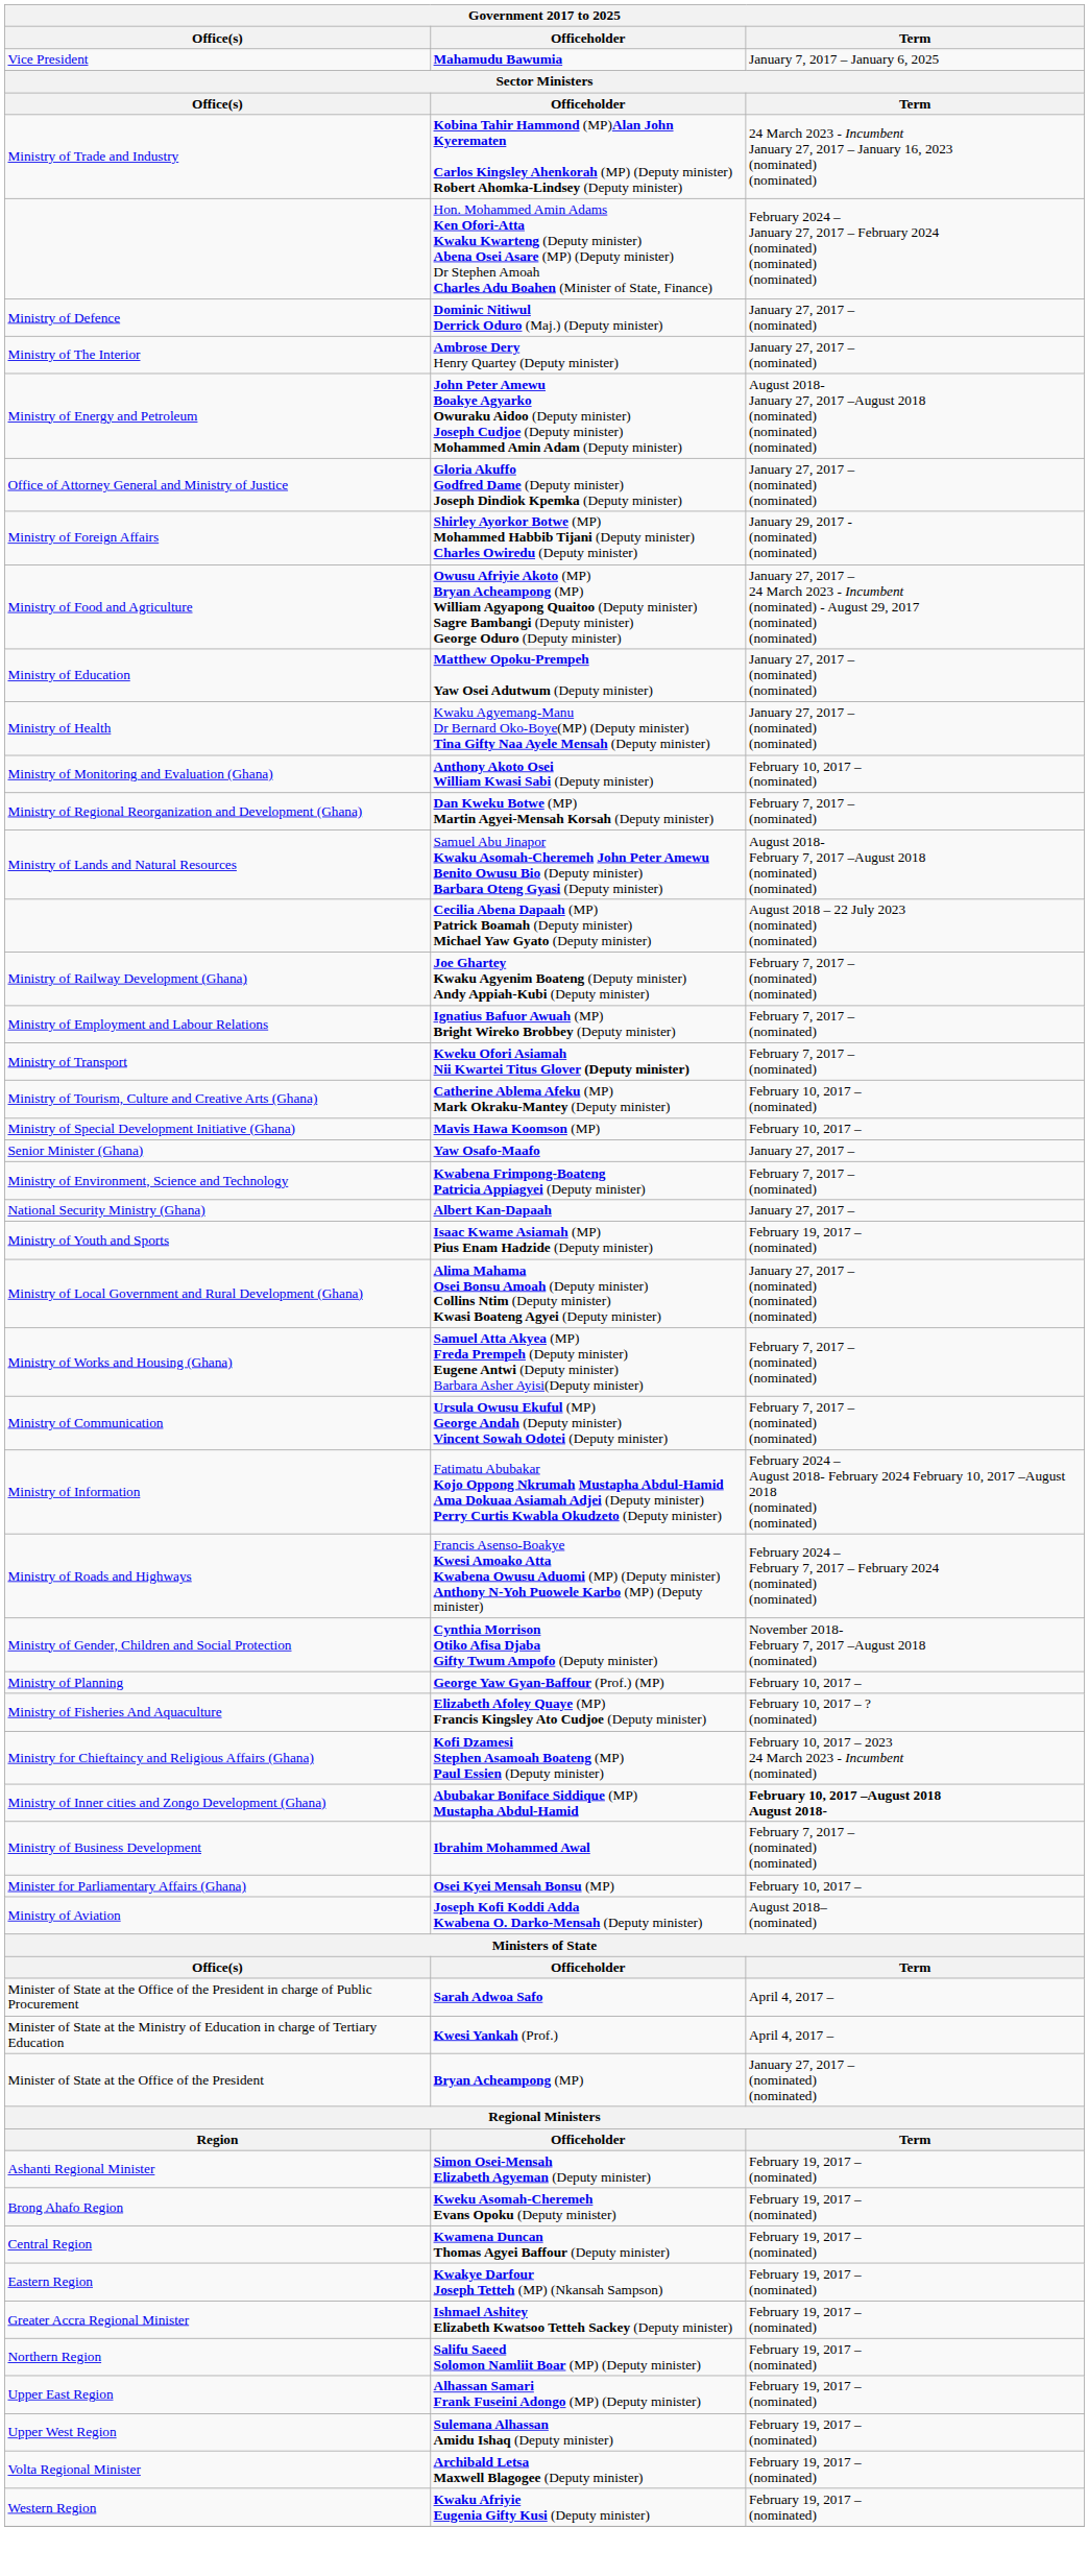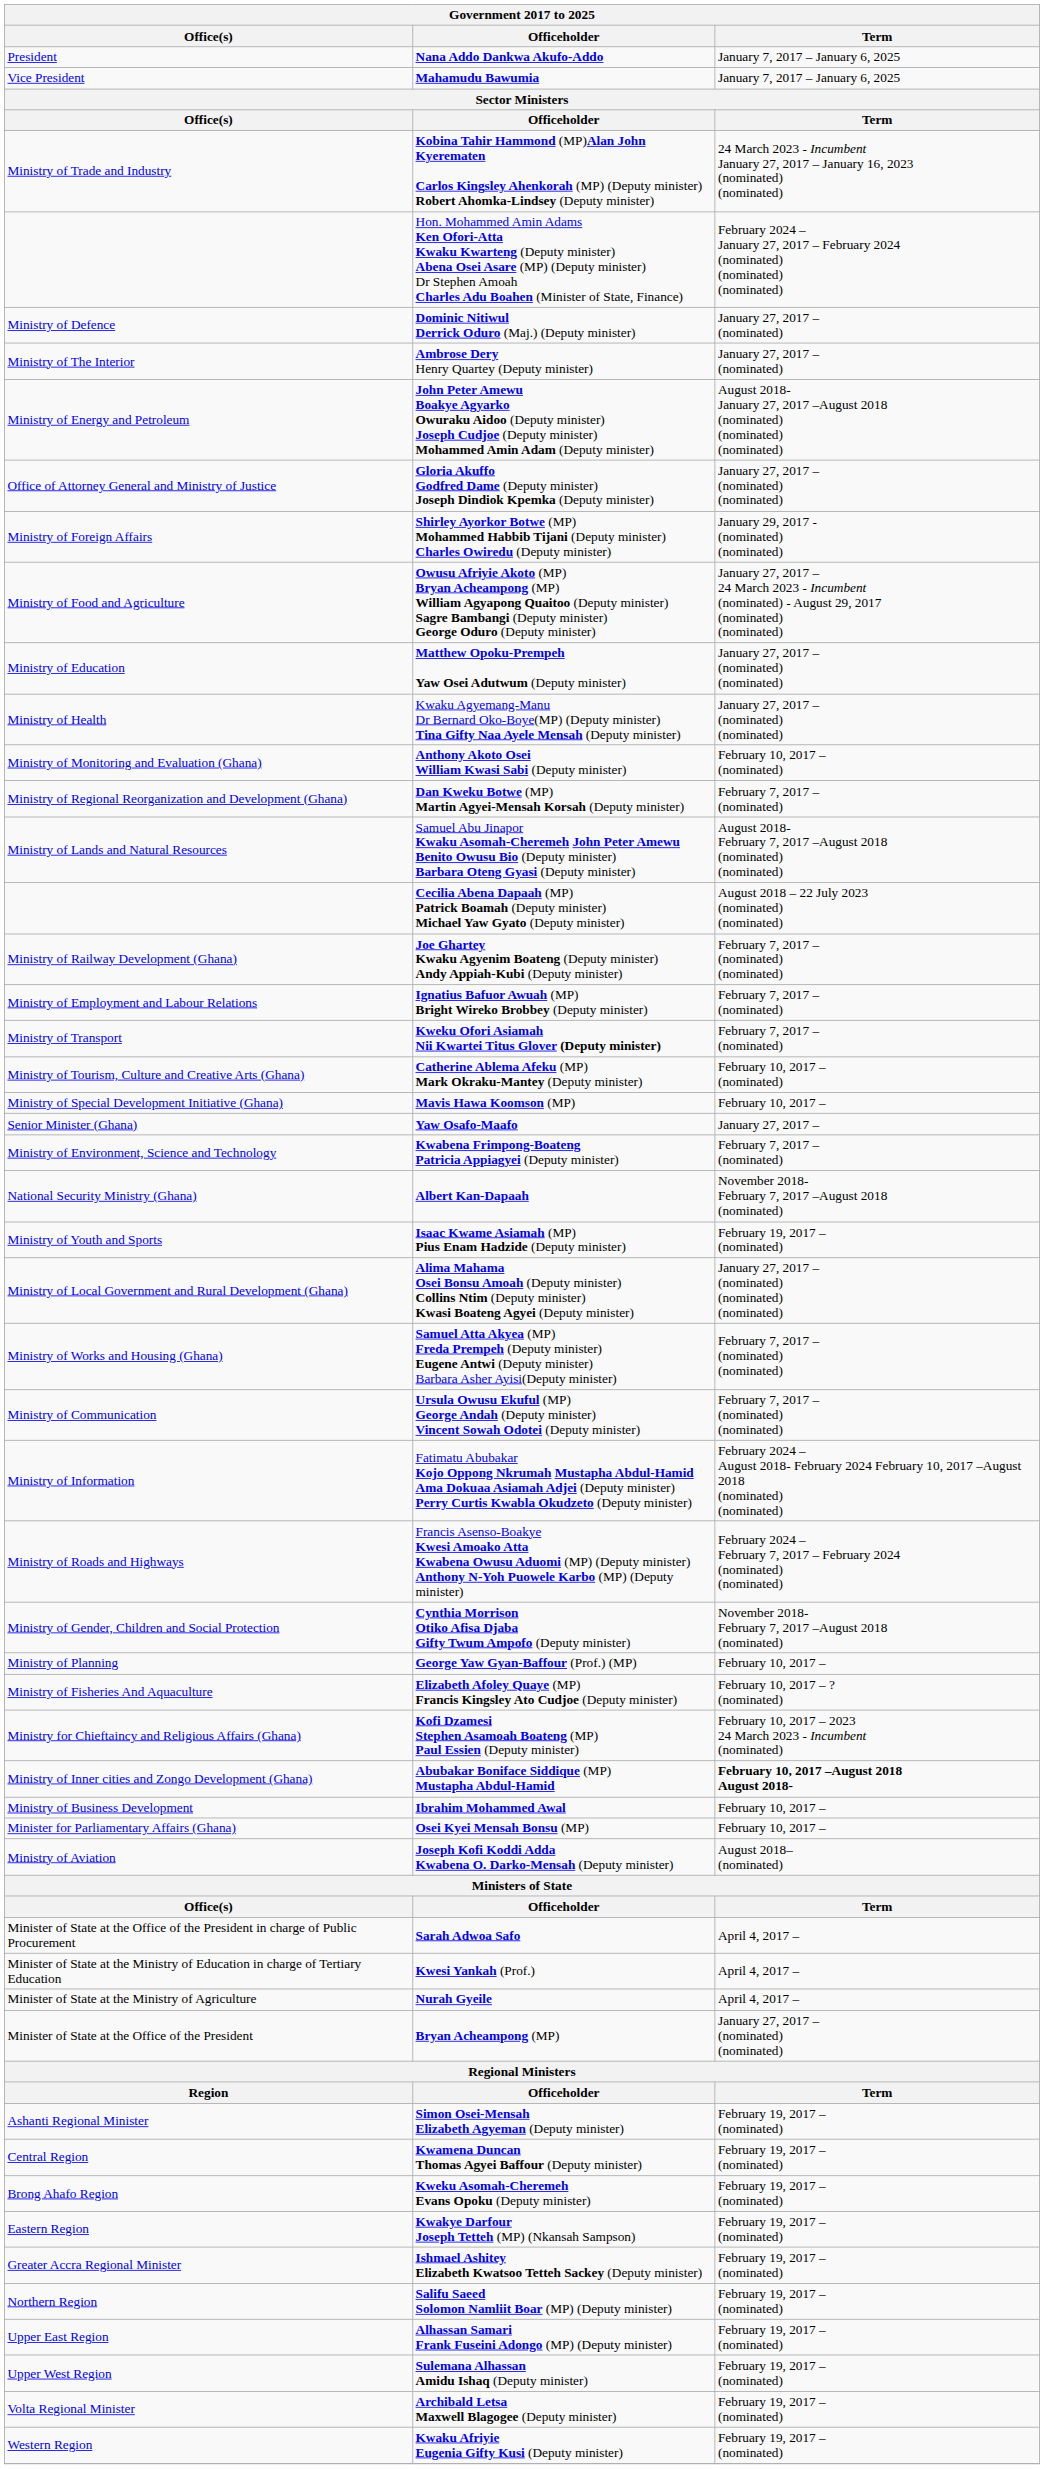 <table class="wikitable sortable mw-collapsible">
 <tr>
 <th colspan=3 bgcolor=ccccff>Government 2017 to 2025</th>
 </tr>
 <tr>
 <th>Office(s)</th>
 <th>Officeholder</th>
 <th>Term</th>
+</tr>
+<tr>
+<td><a href='#'>President</a></td>
+<td><strong><a href='#'>Nana Addo Dankwa Akufo-Addo</a></strong></td>
+<td>January 7, 2017 – January 6, 2025 </td>
 </tr>
 <tr>
 <td><a href='#'>Vice President</a></td>
 <td><strong><a href='#'>Mahamudu Bawumia</a></strong></td>
 <td>January 7, 2017 – January 6, 2025</td>
 </tr>
 <tr>
 <th colspan=3 bgcolor=ccccff>Sector Ministers</th>
 </tr>
 <tr>
 <th>Office(s)</th>
 <th>Officeholder</th>
 <th>Term<br></th>
 </tr>
 <tr>
 <td><a href='#'>Ministry of Trade and Industry</a></td>
 <td><strong><a href='#'>Kobina Tahir Hammond</a></strong> (MP)<strong><a href='#'>Alan John Kyerematen</a></strong><br><br><strong><a href='#'>Carlos Kingsley Ahenkorah</a></strong> (MP) (Deputy minister)<br><strong>Robert Ahomka-Lindsey</strong> (Deputy minister)</td>
 <td>24 March 2023 - <em>Incumbent</em><br>January 27, 2017 – January 16, 2023<br>(nominated)<br>(nominated)</td>
 </tr>
 <tr>
 <td></td>
 <td><a href='#'>Hon. Mohammed Amin Adams</a><br><strong><a href='#'>Ken Ofori-Atta</a></strong><br><strong><a href='#'>Kwaku Kwarteng</a></strong> (Deputy minister)<br><strong><a href='#'>Abena Osei Asare</a></strong> (MP) (Deputy minister)<br>Dr Stephen Amoah<br><strong><a href='#'>Charles Adu Boahen</a></strong> (Minister of State, Finance)</td>
 <td>February 2024 –<br>January 27, 2017 – February 2024<br>(nominated)<br>(nominated)<br>(nominated)</td>
 </tr>
 <tr>
 <td><a href='#'>Ministry of Defence</a></td>
 <td><strong><a href='#'>Dominic Nitiwul</a></strong><br><strong><a href='#'>Derrick Oduro</a></strong> (Maj.) (Deputy minister)</td>
 <td>January 27, 2017 –<br>(nominated)</td>
 </tr>
 <tr>
 <td><a href='#'>Ministry of The Interior</a></td>
 <td><strong><a href='#'>Ambrose Dery</a></strong><br>Henry Quartey (Deputy minister)</td>
 <td>January 27, 2017 –<br>(nominated)</td>
 </tr>
 <tr>
 <td><a href='#'>Ministry of Energy and Petroleum</a></td>
 <td><strong><a href='#'>John Peter Amewu</a></strong><br><strong><a href='#'>Boakye Agyarko</a></strong> <br><strong>Owuraku Aidoo</strong> (Deputy minister)<br><strong><a href='#'>Joseph Cudjoe</a></strong> (Deputy minister)<br><strong>Mohammed Amin Adam</strong> (Deputy minister)</td>
 <td>August 2018-<br>January 27, 2017 –August 2018<br>(nominated)<br>(nominated)<br>(nominated)</td>
 </tr>
 <tr>
 <td><a href='#'>Office of Attorney General and Ministry of Justice</a></td>
 <td><strong><a href='#'>Gloria Akuffo</a></strong><br><strong><a href='#'>Godfred Dame</a></strong> (Deputy minister)<br><strong>Joseph Dindiok Kpemka</strong> (Deputy minister)</td>
 <td>January 27, 2017 –<br>(nominated)<br>(nominated)</td>
 </tr>
 <tr>
 <td><a href='#'>Ministry of Foreign Affairs</a></td>
 <td><strong><a href='#'>Shirley Ayorkor Botwe</a></strong> (MP)<br><strong>Mohammed Habbib Tijani</strong> (Deputy minister)<br><strong><a href='#'>Charles Owiredu</a></strong> (Deputy minister)</td>
 <td>January 29, 2017 -<br>(nominated)<br>(nominated)</td>
 </tr>
 <tr>
 <td><a href='#'>Ministry of Food and Agriculture</a></td>
 <td><strong><a href='#'>Owusu Afriyie Akoto</a></strong> (MP)<br><strong><a href='#'>Bryan Acheampong</a></strong> (MP)<br><strong>William Agyapong Quaitoo</strong> (Deputy minister)<br><strong>Sagre Bambangi</strong> (Deputy minister)<br><strong>George Oduro</strong> (Deputy minister)</td>
 <td>January 27, 2017 –<br>24 March 2023 - <em>Incumbent</em><br>(nominated) - August 29, 2017<br>(nominated)<br>(nominated)</td>
 </tr>
 <tr>
 <td><a href='#'>Ministry of Education</a></td>
 <td><strong><a href='#'>Matthew Opoku-Prempeh</a></strong><br><strong><br>Yaw Osei Adutwum</strong> (Deputy minister)</td>
 <td>January 27, 2017 –<br>(nominated)<br>(nominated)</td>
 </tr>
 <tr>
 <td><a href='#'>Ministry of Health</a></td>
 <td><a href='#'>Kwaku Agyemang-Manu</a><br><a href='#'>Dr Bernard Oko-Boye</a>(MP) (Deputy minister)<br><strong><a href='#'>Tina Gifty Naa Ayele Mensah</a></strong> (Deputy minister)</td>
 <td>January 27, 2017 –<br>(nominated)<br>(nominated)</td>
 </tr>
 <tr>
 <td><a href='#'>Ministry of Monitoring and Evaluation (Ghana)</a></td>
 <td><strong><a href='#'>Anthony Akoto Osei</a></strong> <br><strong><a href='#'>William Kwasi Sabi</a></strong> (Deputy minister)</td>
 <td>February 10, 2017 –<br>(nominated)</td>
 </tr>
 <tr>
 <td><a href='#'>Ministry of Regional Reorganization and Development (Ghana)</a></td>
 <td><strong><a href='#'>Dan Kweku Botwe</a></strong> (MP)<br><strong>Martin Agyei-Mensah Korsah</strong> (Deputy minister)</td>
 <td>February 7, 2017 –<br>(nominated)</td>
 </tr>
 <tr>
 <td><a href='#'>Ministry of Lands and Natural Resources</a></td>
 <td><a href='#'>Samuel Abu Jinapor</a><br><a href='#'><strong>Kwaku Asomah-Cheremeh</strong></a> <strong><a href='#'>John Peter Amewu</a></strong><br><strong><a href='#'>Benito Owusu Bio</a></strong> (Deputy minister)<br><strong><a href='#'>Barbara Oteng Gyasi</a></strong> (Deputy minister)</td>
 <td>August 2018-<br>February 7, 2017 –August 2018<br>(nominated)<br>(nominated)</td>
 </tr>
 <tr>
 <td></td>
 <td><strong><a href='#'>Cecilia Abena Dapaah</a></strong> (MP)<br><strong>Patrick Boamah</strong> (Deputy minister)<br><strong>Michael Yaw Gyato</strong> (Deputy minister)</td>
 <td>August 2018 – 22 July 2023<br>(nominated)<br>(nominated)</td>
 </tr>
 <tr>
 <td><a href='#'>Ministry of Railway Development (Ghana)</a></td>
 <td><strong><a href='#'>Joe Ghartey</a></strong><br><strong>Kwaku Agyenim Boateng</strong> (Deputy minister)<br><strong>Andy Appiah-Kubi</strong> (Deputy minister)</td>
 <td>February 7, 2017 –<br>(nominated)<br>(nominated)</td>
 </tr>
 <tr>
 <td><a href='#'>Ministry of Employment and Labour Relations</a></td>
 <td><strong><a href='#'>Ignatius Bafuor Awuah</a></strong> (MP)<br><strong>Bright Wireko Brobbey</strong> (Deputy minister)</td>
 <td>February 7, 2017 –<br>(nominated)</td>
 </tr>
 <tr>
 <td><a href='#'>Ministry of Transport</a></td>
 <td><a href='#'><strong>Kweku Ofori Asiamah</strong></a><strong></strong><strong><br><a href='#'>Nii Kwartei Titus Glover</a> (Deputy minister)</strong></td>
 <td>February 7, 2017 –<br>(nominated)</td>
 </tr>
 <tr>
 <td><a href='#'>Ministry of Tourism, Culture and Creative Arts (Ghana)</a></td>
 <td><strong><a href='#'>Catherine Ablema Afeku</a></strong> (MP)<br><strong>Mark Okraku-Mantey</strong> (Deputy minister)</td>
 <td>February 10, 2017 –<br>(nominated)</td>
 </tr>
 <tr>
 <td><a href='#'>Ministry of Special Development Initiative (Ghana)</a></td>
 <td><strong><a href='#'>Mavis Hawa Koomson</a></strong> (MP)</td>
 <td>February 10, 2017 –</td>
 </tr>
 <tr>
 <td><a href='#'>Senior Minister (Ghana)</a></td>
 <td><strong><a href='#'>Yaw Osafo-Maafo</a></strong></td>
 <td>January 27, 2017 –</td>
 </tr>
 <tr>
 <td><a href='#'>Ministry of Environment, Science and Technology</a></td>
 <td><strong><a href='#'>Kwabena Frimpong-Boateng</a></strong><br><strong><a href='#'>Patricia Appiagyei</a></strong> (Deputy minister)</td>
 <td>February 7, 2017 –<br>(nominated)</td>
 </tr>
 <tr>
 <td><a href='#'>National Security Ministry (Ghana)</a></td>
 <td><strong><a href='#'>Albert Kan-Dapaah</a></strong></td>
-<td>January 27, 2017 –</td>
+<td>November 2018-<br>February 7, 2017 –August 2018<br>(nominated)</td>
 </tr>
 <tr>
 <td><a href='#'>Ministry of Youth and Sports</a></td>
 <td><strong><a href='#'>Isaac Kwame Asiamah</a></strong> (MP)<br><strong>Pius Enam Hadzide</strong> (Deputy minister)</td>
 <td>February 19, 2017 –<br>(nominated)</td>
 </tr>
 <tr>
 <td><a href='#'>Ministry of Local Government and Rural Development (Ghana)</a></td>
 <td><strong><a href='#'>Alima Mahama</a></strong><br><strong><a href='#'>Osei Bonsu Amoah</a></strong> (Deputy minister)<br><strong>Collins Ntim</strong> (Deputy minister)<br><strong>Kwasi Boateng Agyei</strong> (Deputy minister)</td>
 <td>January 27, 2017 –<br>(nominated)<br>(nominated)<br>(nominated)</td>
 </tr>
 <tr>
 <td><a href='#'>Ministry of Works and Housing (Ghana)</a></td>
 <td><strong><a href='#'>Samuel Atta Akyea</a></strong> (MP)<br><strong><a href='#'>Freda Prempeh</a></strong> (Deputy minister)<br><strong>Eugene Antwi</strong> (Deputy minister)<br><a href='#'>Barbara Asher Ayisi</a>(Deputy minister)</td>
 <td>February 7, 2017 –<br>(nominated)<br>(nominated)</td>
 </tr>
 <tr>
 <td><a href='#'>Ministry of Communication</a></td>
 <td><strong><a href='#'>Ursula Owusu Ekuful</a></strong> (MP)<br><strong><a href='#'>George Andah</a></strong> (Deputy minister)<br> <strong><a href='#'>Vincent Sowah Odotei</a></strong> (Deputy minister)</td>
 <td>February 7, 2017 –<br>(nominated)<br>(nominated)</td>
 </tr>
 <tr>
 <td><a href='#'>Ministry of Information</a></td>
 <td><a href='#'>Fatimatu Abubakar</a><br><strong><a href='#'>Kojo Oppong Nkrumah</a></strong> <strong><a href='#'>Mustapha Abdul-Hamid</a></strong><br><strong><a href='#'>Ama Dokuaa Asiamah Adjei</a></strong> (Deputy minister)<br><strong><a href='#'>Perry Curtis Kwabla Okudzeto</a></strong> (Deputy minister)</td>
 <td>February 2024 –<br>August 2018- February 2024 February 10, 2017 –August 2018<br>(nominated)<br>(nominated)<br></td>
 </tr>
 <tr>
 <td><a href='#'>Ministry of Roads and Highways</a></td>
 <td><a href='#'>Francis Asenso-Boakye</a><br><strong><a href='#'>Kwesi Amoako Atta</a></strong><br><strong><a href='#'>Kwabena Owusu Aduomi</a></strong> (MP) (Deputy minister)<br><strong><a href='#'>Anthony N-Yoh Puowele Karbo</a></strong> (MP) (Deputy minister)</td>
 <td>February 2024 –<br>February 7, 2017 – February 2024<br>(nominated)<br>(nominated)</td>
 </tr>
 <tr>
 <td><a href='#'>Ministry of Gender, Children and Social Protection</a></td>
 <td><strong><a href='#'>Cynthia Morrison</a></strong><br><strong><a href='#'>Otiko Afisa Djaba</a></strong><br><strong><a href='#'>Gifty Twum Ampofo</a></strong> (Deputy minister)</td>
 <td>November 2018-<br>February 7, 2017 –August 2018<br>(nominated)</td>
 </tr>
 <tr>
 <td><a href='#'>Ministry of Planning</a></td>
 <td><strong><a href='#'>George Yaw Gyan-Baffour</a></strong> (Prof.) (MP)</td>
 <td>February 10, 2017 –</td>
 </tr>
 <tr>
 <td><a href='#'>Ministry of Fisheries And Aquaculture</a></td>
 <td><strong><a href='#'>Elizabeth Afoley Quaye</a></strong> (MP)<br><strong>Francis Kingsley Ato Cudjoe</strong> (Deputy minister)</td>
 <td>February 10, 2017 – ?<br>(nominated)</td>
 </tr>
 <tr>
 <td><a href='#'>Ministry for Chieftaincy and Religious Affairs (Ghana)</a></td>
 <td><strong><a href='#'>Kofi Dzamesi</a></strong><br><strong><a href='#'>Stephen Asamoah Boateng</a></strong> (MP)<br><strong><a href='#'>Paul Essien</a></strong> (Deputy minister)</td>
 <td>February 10, 2017 – 2023<br>24 March 2023 - <em>Incumbent</em><br>(nominated)</td>
 </tr>
 <tr>
 <td><a href='#'>Ministry of Inner cities and Zongo Development (Ghana)</a></td>
 <td><strong><a href='#'>Abubakar Boniface Siddique</a></strong> (MP)<br><strong><a href='#'>Mustapha Abdul-Hamid</a></strong></td>
 <td><strong>February 10, 2017 –August 2018<br>August 2018-</strong></td>
 </tr>
 <tr>
 <td><a href='#'>Ministry of Business Development</a></td>
 <td><strong><a href='#'>Ibrahim Mohammed Awal</a></strong></td>
-<td>February 7, 2017 –<br>(nominated)<br>(nominated)</td>
+<td>February 10, 2017 –</td>
 </tr>
 <tr Afua Asabea Asare - Special Advisor>
 <td><a href='#'>Minister for Parliamentary Affairs (Ghana)</a></td>
 <td><strong><a href='#'>Osei Kyei Mensah Bonsu</a></strong> (MP)</td>
 <td>February 10, 2017 –</td>
 </tr>
 <tr>
 <td><a href='#'>Ministry of Aviation</a></td>
 <td><strong><a href='#'>Joseph Kofi Koddi Adda</a></strong><br><strong><a href='#'>Kwabena O. Darko-Mensah</a></strong> (Deputy minister)</td>
 <td>August 2018–<br>(nominated)</td>
 </tr>
 <tr>
 <th colspan=3 bgcolor=ccccff>Ministers of State</th>
 </tr>
 <tr>
 <th>Office(s)</th>
 <th>Officeholder</th>
 <th>Term</th>
 </tr>
 <tr>
 <td>Minister of State at the Office of the President in charge of Public Procurement</td>
 <td><strong><a href='#'>Sarah Adwoa Safo</a></strong></td>
 <td>April 4, 2017 –</td>
 </tr>
 <tr>
 <td>Minister of State at the Ministry of Education in charge of Tertiary Education</td>
 <td><strong><a href='#'>Kwesi Yankah</a></strong> (Prof.)</td>
 <td>April 4, 2017 –</td>
 </tr>
 <tr>
+<td>Minister of State at the Ministry of Agriculture</td>
+<td><strong><a href='#'>Nurah Gyeile</a></strong></td>
+<td>April 4, 2017 –</td>
+</tr>
+<tr>
 <td>Minister of State at the Office of the President</td>
 <td><strong><a href='#'>Bryan Acheampong</a></strong> (MP)</td>
 <td>January 27, 2017 –<br>(nominated)<br>(nominated)</td>
 </tr>
 <tr>
 <th colspan=3 bgcolor=ccccff>Regional Ministers</th>
 </tr>
 <tr>
 <th>Region</th>
 <th>Officeholder</th>
 <th>Term</th>
 </tr>
 <tr>
 <td><a href='#'>Ashanti Regional Minister</a></td>
 <td><strong><a href='#'>Simon Osei-Mensah</a></strong><br><strong><a href='#'>Elizabeth Agyeman</a></strong> (Deputy minister)</td>
 <td>February 19, 2017 –<br>(nominated)</td>
 </tr>
 <tr>
-<td><a href='#'>Brong Ahafo Region</a></td>
-<td><strong><a href='#'>Kweku Asomah-Cheremeh</a></strong><br><strong>Evans Opoku</strong> (Deputy minister)</td>
+<td><a href='#'>Central Region</a></td>
+<td><strong><a href='#'>Kwamena Duncan</a></strong><br><strong>Thomas Agyei Baffour</strong> (Deputy minister)</td>
 <td>February 19, 2017 –<br>(nominated)</td>
 </tr>
 <tr>
-<td><a href='#'>Central Region</a></td>
-<td><strong><a href='#'>Kwamena Duncan</a></strong><br><strong>Thomas Agyei Baffour</strong> (Deputy minister)</td>
+<td><a href='#'>Brong Ahafo Region</a></td>
+<td><strong><a href='#'>Kweku Asomah-Cheremeh</a></strong><br><strong>Evans Opoku</strong> (Deputy minister)</td>
 <td>February 19, 2017 –<br>(nominated)</td>
 </tr>
 <tr>
 <td><a href='#'>Eastern Region</a></td>
 <td><strong><a href='#'>Kwakye Darfour</a></strong><br><strong><a href='#'>Joseph Tetteh</a></strong> (MP) (Nkansah Sampson)</td>
 <td>February 19, 2017 –<br>(nominated)</td>
 </tr>
 <tr>
 <td><a href='#'>Greater Accra Regional Minister</a></td>
 <td><strong><a href='#'>Ishmael Ashitey</a></strong><br><strong>Elizabeth Kwatsoo Tetteh Sackey</strong> (Deputy minister)</td>
 <td>February 19, 2017 –<br>(nominated)</td>
 </tr>
 <tr>
 <td><a href='#'>Northern Region</a></td>
 <td><strong><a href='#'>Salifu Saeed</a></strong><br><strong><a href='#'>Solomon Namliit Boar</a></strong> (MP) (Deputy minister)</td>
 <td>February 19, 2017 –<br>(nominated)</td>
 </tr>
 <tr>
 <td><a href='#'>Upper East Region</a></td>
 <td><strong><a href='#'>Alhassan Samari</a></strong><br><strong><a href='#'>Frank Fuseini Adongo</a></strong> (MP) (Deputy minister)</td>
 <td>February 19, 2017 –<br>(nominated)</td>
 </tr>
 <tr>
 <td><a href='#'>Upper West Region</a></td>
 <td><strong><a href='#'>Sulemana Alhassan</a></strong><br><strong>Amidu Ishaq</strong> (Deputy minister)</td>
 <td>February 19, 2017 –<br>(nominated)</td>
 </tr>
 <tr>
 <td><a href='#'>Volta Regional Minister</a></td>
 <td><strong><a href='#'>Archibald Letsa</a></strong><br><strong>Maxwell Blagogee</strong> (Deputy minister)</td>
 <td>February 19, 2017 –<br>(nominated)</td>
 </tr>
 <tr>
 <td><a href='#'>Western Region</a></td>
 <td><strong><a href='#'>Kwaku Afriyie</a></strong><br><strong><a href='#'>Eugenia Gifty Kusi</a></strong> (Deputy minister)</td>
 <td>February 19, 2017 –<br>(nominated)</td>
 </tr>
 <tr>
 </tr>
 </table>
